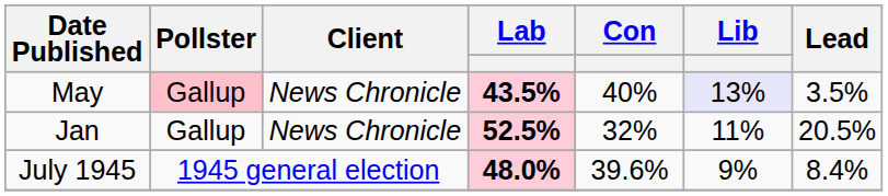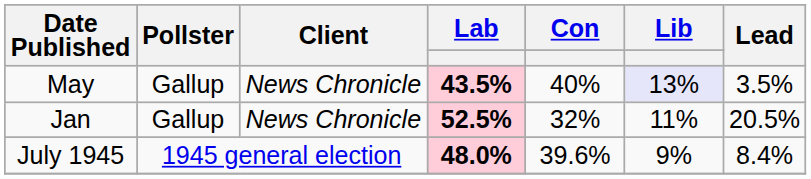 <table class="wikitable sortable mw-datatable" style="text-align:center;font-size:90%;line-height:14px;">
 <tr>
 <th rowspan="2">Date<br>Published</th>
 <th rowspan="2">Pollster</th>
 <th rowspan="2">Client</th>
 <th class="unsortable" style="width:50px;"><a href='#'>Lab</a></th>
 <th class="unsortable" style="width:50px;"><a href='#'>Con</a></th>
 <th class="unsortable" style="width:50px;"><a href='#'>Lib</a></th>
 <th rowspan="2">Lead</th>
 </tr>
 <tr>
 <th style="background:"></th>
 <th style="background:"></th>
 <th style="background:"></th>
 </tr>
 <tr>
 <td>May</td>
-<td style="background: pink;">Gallup</td>
+<td>Gallup</td>
 <td><em>News Chronicle</em></td>
 <td style="background:#FFCCDA;"><strong>43.5%</strong></td>
 <td>40%</td>
 <td style="background: lavender;">13%</td>
 <td style="background:">3.5%</td>
 </tr>
 <tr>
 <td>Jan</td>
 <td>Gallup</td>
 <td><em>News Chronicle</em></td>
 <td style="background:#FFCCDA;"><strong>52.5%</strong></td>
 <td>32%</td>
 <td>11%</td>
 <td style="background:">20.5%</td>
 </tr>
 <tr>
 <td>July 1945</td>
 <td colspan="2"><a href='#'>1945 general election</a></td>
 <td style="background:#FFCCDA;"><strong>48.0%</strong></td>
 <td>39.6%</td>
 <td>9%</td>
 <td style="background:">8.4%</td>
 </tr>
 <tr>
 </tr>
 </table>
